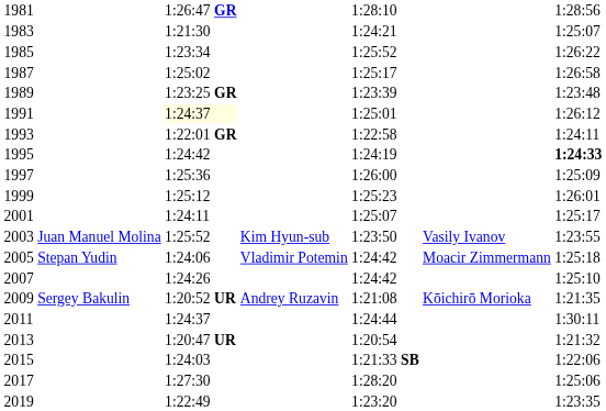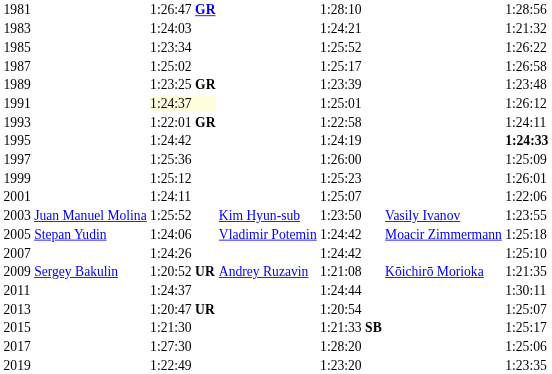 <table>
 <tr>
 <td>1981</td>
 <td></td>
 <td>1:26:47 <strong><a href='#'>GR</a></strong></td>
 <td></td>
 <td>1:28:10</td>
 <td></td>
 <td>1:28:56</td>
 </tr>
 <tr>
 <td>1983</td>
 <td></td>
-<td>1:21:30</td>
+<td>1:24:03</td>
 <td></td>
 <td>1:24:21</td>
 <td></td>
-<td>1:25:07</td>
+<td>1:21:32</td>
 </tr>
 <tr>
 <td>1985</td>
 <td></td>
 <td>1:23:34</td>
 <td></td>
 <td>1:25:52</td>
 <td></td>
 <td>1:26:22</td>
 </tr>
 <tr>
 <td>1987</td>
 <td></td>
 <td>1:25:02</td>
 <td></td>
 <td>1:25:17</td>
 <td></td>
 <td>1:26:58</td>
 </tr>
 <tr>
 <td>1989</td>
 <td></td>
 <td>1:23:25 <strong>GR</strong></td>
 <td></td>
 <td>1:23:39</td>
 <td></td>
 <td>1:23:48</td>
 </tr>
 <tr>
 <td>1991</td>
 <td></td>
 <td style="background: lightyellow;">1:24:37</td>
 <td></td>
 <td>1:25:01</td>
 <td></td>
 <td>1:26:12</td>
 </tr>
 <tr>
 <td>1993</td>
 <td></td>
 <td>1:22:01 <strong>GR</strong></td>
 <td></td>
 <td>1:22:58</td>
 <td></td>
 <td>1:24:11</td>
 </tr>
 <tr>
 <td>1995</td>
 <td></td>
 <td>1:24:42</td>
 <td></td>
 <td>1:24:19</td>
 <td></td>
 <td><strong>1:24:33</strong></td>
 </tr>
 <tr>
 <td>1997</td>
 <td></td>
 <td>1:25:36</td>
 <td></td>
 <td>1:26:00</td>
 <td></td>
 <td>1:25:09</td>
 </tr>
 <tr>
 <td>1999</td>
 <td></td>
 <td>1:25:12</td>
 <td></td>
 <td>1:25:23</td>
 <td></td>
 <td>1:26:01</td>
 </tr>
 <tr>
 <td>2001</td>
 <td></td>
 <td>1:24:11</td>
 <td></td>
 <td>1:25:07</td>
 <td></td>
-<td>1:25:17</td>
+<td>1:22:06</td>
 </tr>
 <tr>
 <td>2003</td>
 <td><a href='#'>Juan Manuel Molina</a><br> </td>
 <td>1:25:52</td>
 <td><a href='#'>Kim Hyun-sub</a><br> </td>
 <td>1:23:50</td>
 <td><a href='#'>Vasily Ivanov</a><br> </td>
 <td>1:23:55</td>
 </tr>
 <tr>
 <td>2005<br></td>
 <td><a href='#'>Stepan Yudin</a><br> </td>
 <td>1:24:06</td>
 <td><a href='#'>Vladimir Potemin</a><br> </td>
 <td>1:24:42</td>
 <td><a href='#'>Moacir Zimmermann</a><br> </td>
 <td>1:25:18</td>
 </tr>
 <tr>
 <td>2007<br></td>
 <td></td>
 <td>1:24:26</td>
 <td></td>
 <td>1:24:42</td>
 <td></td>
 <td>1:25:10</td>
 </tr>
 <tr>
 <td>2009<br></td>
 <td><a href='#'>Sergey Bakulin</a><br> </td>
 <td>1:20:52 <strong>UR</strong></td>
 <td><a href='#'>Andrey Ruzavin</a> <br> </td>
 <td>1:21:08</td>
 <td><a href='#'>Kōichirō Morioka</a><br> </td>
 <td>1:21:35</td>
 </tr>
 <tr>
 <td>2011<br></td>
 <td></td>
 <td>1:24:37</td>
 <td></td>
 <td>1:24:44</td>
 <td></td>
 <td>1:30:11</td>
 </tr>
 <tr>
 <td>2013<br></td>
 <td></td>
 <td>1:20:47 <strong>UR</strong></td>
 <td></td>
 <td>1:20:54</td>
 <td></td>
-<td>1:21:32</td>
+<td>1:25:07</td>
 </tr>
 <tr>
 <td>2015<br></td>
 <td></td>
-<td>1:24:03</td>
+<td>1:21:30</td>
 <td></td>
 <td>1:21:33 <strong>SB</strong></td>
 <td></td>
-<td>1:22:06</td>
+<td>1:25:17</td>
 </tr>
 <tr>
 <td>2017<br></td>
 <td></td>
 <td>1:27:30</td>
 <td></td>
 <td>1:28:20</td>
 <td></td>
 <td>1:25:06</td>
 </tr>
 <tr>
 <td>2019<br></td>
 <td></td>
 <td>1:22:49</td>
 <td></td>
 <td>1:23:20</td>
 <td></td>
 <td>1:23:35</td>
 </tr>
 </table>
